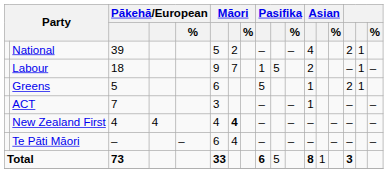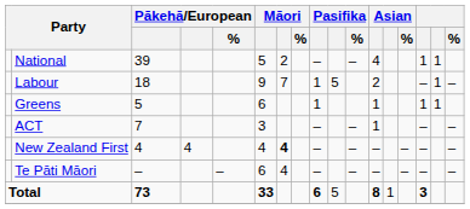 <table class="wikitable">
 <tr>
 <th rowspan=2 colspan=2>Party</th>
 <th colspan=3><a href='#'>Pākehā</a>/European</th>
 <th colspan=3><a href='#'>Māori</a></th>
 <th colspan=3><a href='#'>Pasifika</a></th>
 <th colspan=3><a href='#'>Asian</a></th>
 <th colspan=3></th>
 </tr>
 <tr>
 <th></th>
 <th></th>
 <th>%</th>
 <th></th>
 <th></th>
 <th>%</th>
 <th></th>
 <th></th>
 <th>%</th>
 <th></th>
 <th></th>
 <th>%</th>
 <th></th>
 <th></th>
 <th>%</th>
 </tr>
 <tr>
 <td style="background:"></td>
 <td><a href='#'>National</a></td>
 <td>39</td>
 <td></td>
 <td></td>
 <td>5</td>
 <td>2</td>
 <td></td>
 <td>–</td>
 <td></td>
 <td>–</td>
 <td>4</td>
 <td></td>
 <td></td>
-<td>2</td>
+<td>1</td>
 <td>1</td>
 <td></td>
 </tr>
 <tr>
 <td style="background:"></td>
 <td><a href='#'>Labour</a></td>
 <td>18</td>
 <td></td>
 <td></td>
 <td>9</td>
 <td>7</td>
 <td></td>
 <td>1</td>
 <td>5</td>
 <td></td>
 <td>2</td>
 <td></td>
 <td></td>
 <td>–</td>
 <td>1</td>
 <td>–</td>
 </tr>
 <tr>
 <td style="background:"></td>
 <td><a href='#'>Greens</a></td>
 <td>5</td>
 <td></td>
 <td></td>
 <td>6</td>
 <td></td>
 <td></td>
-<td>5</td>
+<td>1</td>
 <td></td>
 <td></td>
 <td>1</td>
 <td></td>
 <td></td>
-<td>2</td>
+<td>1</td>
 <td>1</td>
 <td></td>
 </tr>
 <tr>
 <td style="background:"></td>
 <td><a href='#'>ACT</a></td>
 <td>7</td>
 <td></td>
 <td></td>
 <td>3</td>
 <td></td>
 <td></td>
 <td>–</td>
 <td></td>
 <td>–</td>
 <td>1</td>
 <td></td>
 <td></td>
 <td>–</td>
 <td></td>
 <td>–</td>
 </tr>
 <tr>
 <td style="background:"></td>
 <td><a href='#'>New Zealand First</a></td>
 <td>4</td>
 <td>4</td>
 <td></td>
 <td>4</td>
 <td><strong>4</strong></td>
 <td></td>
 <td>–</td>
 <td></td>
 <td>–</td>
 <td>–</td>
 <td></td>
 <td>–</td>
 <td>–</td>
 <td></td>
 <td>–</td>
 </tr>
 <tr>
 <td style="background:"></td>
 <td><a href='#'>Te Pāti Māori</a></td>
 <td>–</td>
 <td></td>
 <td>–</td>
 <td>6</td>
 <td>4</td>
 <td></td>
 <td>–</td>
 <td></td>
 <td>–</td>
 <td>–</td>
 <td></td>
 <td>–</td>
 <td>–</td>
 <td></td>
 <td>–</td>
 </tr>
 <tr>
 <td colspan=2><strong>Total</strong></td>
 <td><strong>73</strong></td>
 <td></td>
 <td><strong></strong></td>
 <td><strong>33</strong></td>
 <td></td>
 <td><strong></strong></td>
 <td><strong>6</strong></td>
 <td>5</td>
 <td><strong></strong></td>
 <td><strong>8</strong></td>
 <td>1</td>
 <td><strong></strong></td>
 <td><strong>3</strong></td>
 <td></td>
 <td><strong></strong></td>
 </tr>
 <tr>
 </tr>
 </table>
